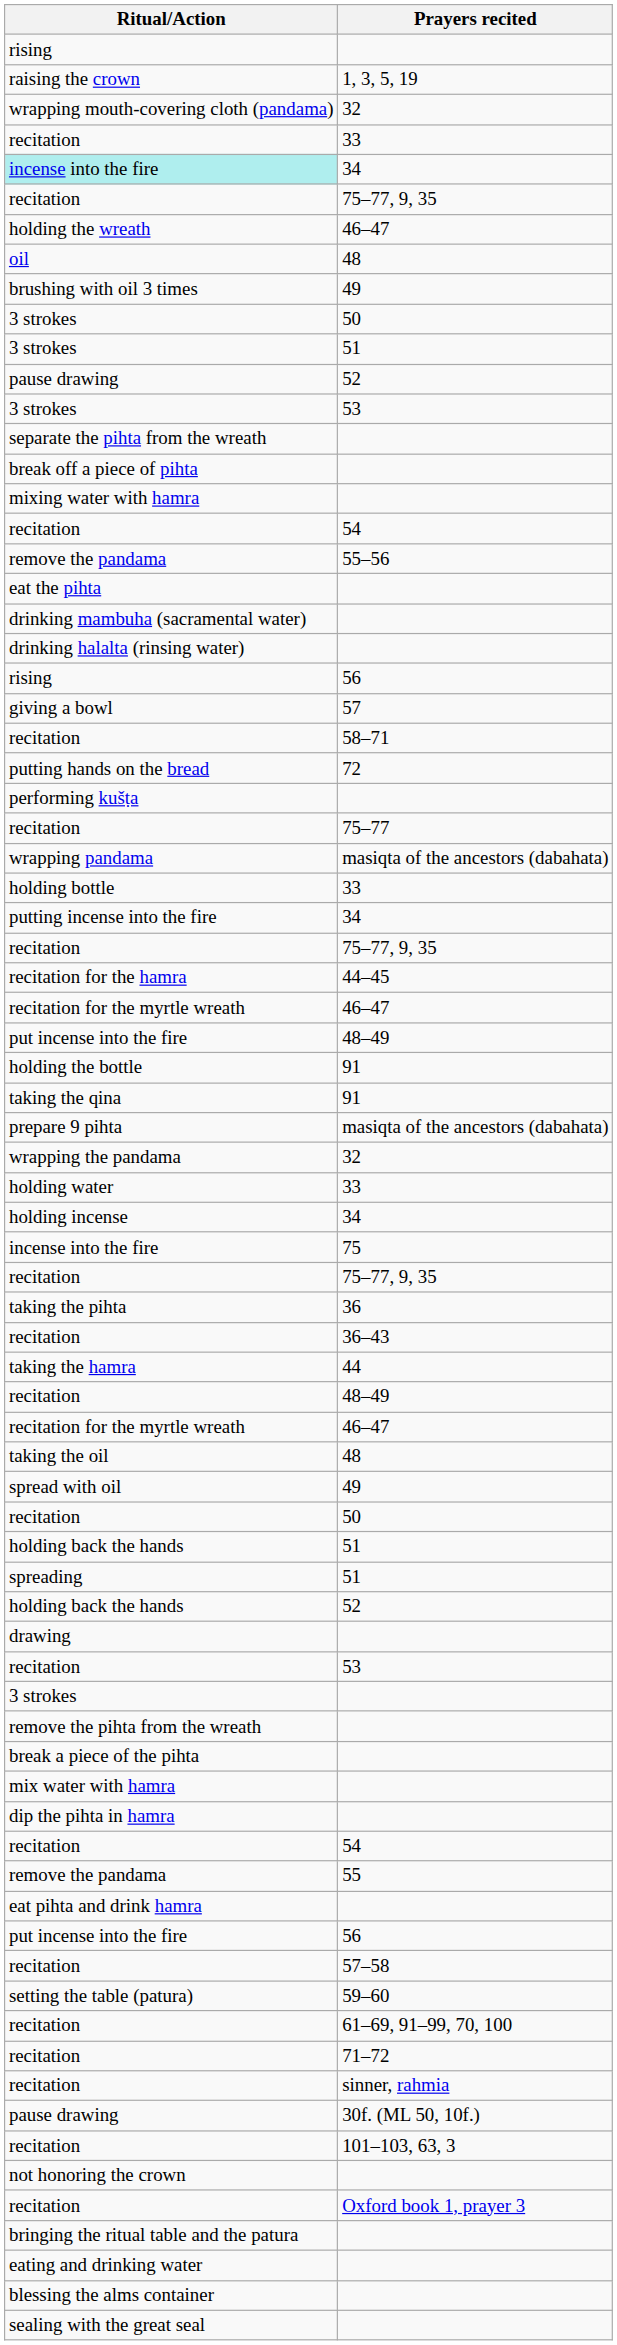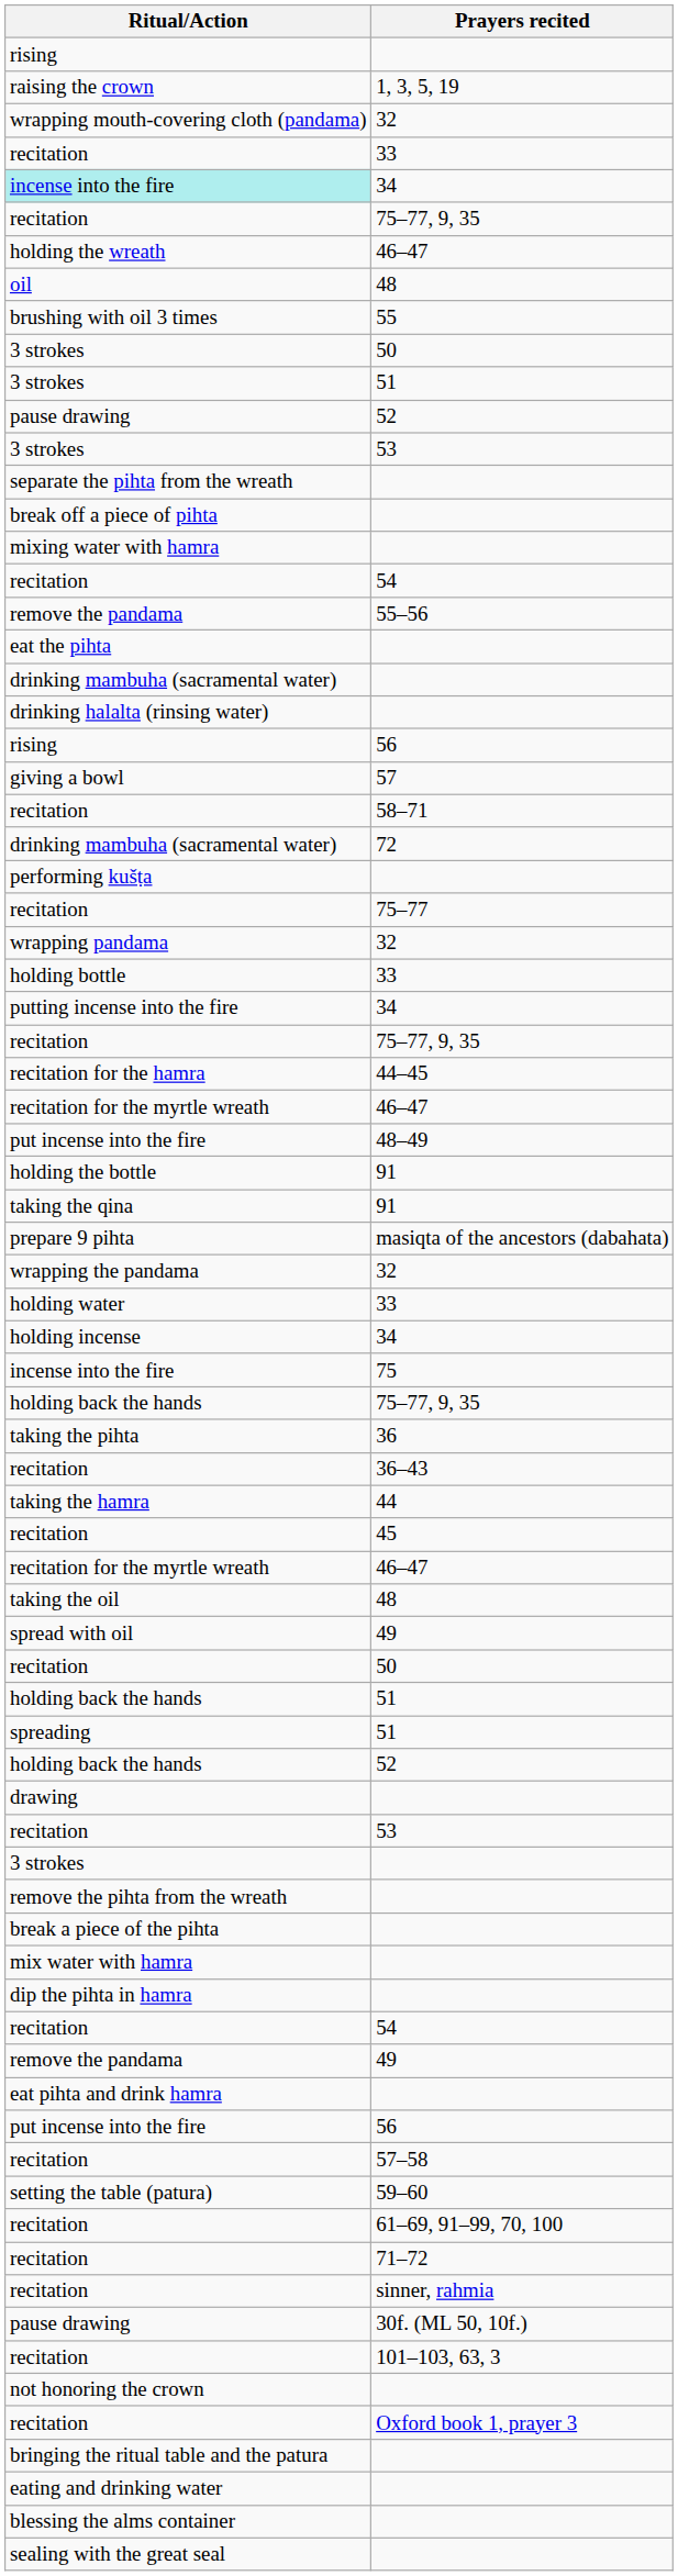 <table class="wikitable sortable">
 <tr>
 <th>Ritual/Action</th>
 <th>Prayers recited</th>
 </tr>
 <tr>
 <td>rising</td>
 <td></td>
 </tr>
 <tr>
 <td>raising the <a href='#'>crown</a></td>
 <td>1, 3, 5, 19</td>
 </tr>
 <tr>
 <td>wrapping mouth-covering cloth (<a href='#'>pandama</a>)</td>
 <td>32</td>
 </tr>
 <tr>
 <td>recitation</td>
 <td>33</td>
 </tr>
 <tr>
 <td style="background: paleturquoise;"><a href='#'>incense</a> into the fire</td>
 <td>34</td>
 </tr>
 <tr>
 <td>recitation</td>
 <td>75–77, 9, 35</td>
 </tr>
 <tr>
 <td>holding the <a href='#'>wreath</a></td>
 <td>46–47</td>
 </tr>
 <tr>
 <td><a href='#'>oil</a></td>
 <td>48</td>
 </tr>
 <tr>
 <td>brushing with oil 3 times</td>
-<td>49</td>
+<td>55</td>
 </tr>
 <tr>
 <td>3 strokes</td>
 <td>50</td>
 </tr>
 <tr>
 <td>3 strokes</td>
 <td>51</td>
 </tr>
 <tr>
 <td>pause drawing</td>
 <td>52</td>
 </tr>
 <tr>
 <td>3 strokes</td>
 <td>53</td>
 </tr>
 <tr>
 <td>separate the <a href='#'>pihta</a> from the wreath</td>
 <td></td>
 </tr>
 <tr>
 <td>break off a piece of <a href='#'>pihta</a></td>
 <td></td>
 </tr>
 <tr>
 <td>mixing water with <a href='#'>hamra</a></td>
 <td></td>
 </tr>
 <tr>
 <td>recitation</td>
 <td>54</td>
 </tr>
 <tr>
 <td>remove the <a href='#'>pandama</a></td>
 <td>55–56</td>
 </tr>
 <tr>
 <td>eat the <a href='#'>pihta</a></td>
 <td></td>
 </tr>
 <tr>
 <td>drinking <a href='#'>mambuha</a> (sacramental water)</td>
 <td></td>
 </tr>
 <tr>
 <td>drinking <a href='#'>halalta</a> (rinsing water)</td>
 <td></td>
 </tr>
 <tr>
 <td>rising</td>
 <td>56</td>
 </tr>
 <tr>
 <td>giving a bowl</td>
 <td>57</td>
 </tr>
 <tr>
 <td>recitation</td>
 <td>58–71</td>
 </tr>
 <tr>
-<td>putting hands on the <a href='#'>bread</a></td>
+<td>drinking <a href='#'>mambuha</a> (sacramental water)</td>
 <td>72</td>
 </tr>
 <tr>
 <td>performing <a href='#'>kušṭa</a></td>
 <td></td>
 </tr>
 <tr>
 <td>recitation</td>
 <td>75–77</td>
 </tr>
 <tr>
 <td>wrapping <a href='#'>pandama</a></td>
-<td>masiqta of the ancestors (dabahata)</td>
+<td>32</td>
 </tr>
 <tr>
 <td>holding bottle</td>
 <td>33</td>
 </tr>
 <tr>
 <td>putting incense into the fire</td>
 <td>34</td>
 </tr>
 <tr>
 <td>recitation</td>
 <td>75–77, 9, 35</td>
 </tr>
 <tr>
 <td>recitation for the <a href='#'>hamra</a></td>
 <td>44–45</td>
 </tr>
 <tr>
 <td>recitation for the myrtle wreath</td>
 <td>46–47</td>
 </tr>
 <tr>
 <td>put incense into the fire</td>
 <td>48–49</td>
 </tr>
 <tr>
 <td>holding the bottle</td>
 <td>91</td>
 </tr>
 <tr>
 <td>taking the qina</td>
 <td>91</td>
 </tr>
 <tr>
 <td>prepare 9 pihta</td>
 <td>masiqta of the ancestors (dabahata)</td>
 </tr>
 <tr>
 <td>wrapping the pandama</td>
 <td>32</td>
 </tr>
 <tr>
 <td>holding water</td>
 <td>33</td>
 </tr>
 <tr>
 <td>holding incense</td>
 <td>34</td>
 </tr>
 <tr>
 <td>incense into the fire</td>
 <td>75</td>
 </tr>
 <tr>
-<td>recitation</td>
+<td>holding back the hands</td>
 <td>75–77, 9, 35</td>
 </tr>
 <tr>
 <td>taking the pihta</td>
 <td>36</td>
 </tr>
 <tr>
 <td>recitation</td>
 <td>36–43</td>
 </tr>
 <tr>
 <td>taking the <a href='#'>hamra</a></td>
 <td>44</td>
 </tr>
 <tr>
 <td>recitation</td>
-<td>48–49</td>
+<td>45</td>
 </tr>
 <tr>
 <td>recitation for the myrtle wreath</td>
 <td>46–47</td>
 </tr>
 <tr>
 <td>taking the oil</td>
 <td>48</td>
 </tr>
 <tr>
 <td>spread with oil</td>
 <td>49</td>
 </tr>
 <tr>
 <td>recitation</td>
 <td>50</td>
 </tr>
 <tr>
 <td>holding back the hands</td>
 <td>51</td>
 </tr>
 <tr>
 <td>spreading</td>
 <td>51</td>
 </tr>
 <tr>
 <td>holding back the hands</td>
 <td>52</td>
 </tr>
 <tr>
 <td>drawing</td>
 <td></td>
 </tr>
 <tr>
 <td>recitation</td>
 <td>53</td>
 </tr>
 <tr>
 <td>3 strokes</td>
 <td></td>
 </tr>
 <tr>
 <td>remove the pihta from the wreath</td>
 <td></td>
 </tr>
 <tr>
 <td>break a piece of the pihta</td>
 <td></td>
 </tr>
 <tr>
 <td>mix water with <a href='#'>hamra</a></td>
 <td></td>
 </tr>
 <tr>
 <td>dip the pihta in <a href='#'>hamra</a></td>
 <td></td>
 </tr>
 <tr>
 <td>recitation</td>
 <td>54</td>
 </tr>
 <tr>
 <td>remove the pandama</td>
-<td>55</td>
+<td>49</td>
 </tr>
 <tr>
 <td>eat pihta and drink <a href='#'>hamra</a></td>
 <td></td>
 </tr>
 <tr>
 <td>put incense into the fire</td>
 <td>56</td>
 </tr>
 <tr>
 <td>recitation</td>
 <td>57–58</td>
 </tr>
 <tr>
 <td>setting the table (patura)</td>
 <td>59–60</td>
 </tr>
 <tr>
 <td>recitation</td>
 <td>61–69, 91–99, 70, 100</td>
 </tr>
 <tr>
 <td>recitation</td>
 <td>71–72</td>
 </tr>
 <tr>
 <td>recitation</td>
 <td>sinner, <a href='#'>rahmia</a></td>
 </tr>
 <tr>
 <td>pause drawing</td>
 <td>30f. (ML 50, 10f.)</td>
 </tr>
 <tr>
 <td>recitation</td>
 <td>101–103, 63, 3</td>
 </tr>
 <tr>
 <td>not honoring the crown</td>
 <td></td>
 </tr>
 <tr>
 <td>recitation</td>
 <td><a href='#'>Oxford book 1, prayer 3</a></td>
 </tr>
 <tr>
 <td>bringing the ritual table and the patura</td>
 <td></td>
 </tr>
 <tr>
 <td>eating and drinking water</td>
 <td></td>
 </tr>
 <tr>
 <td>blessing the alms container</td>
 <td></td>
 </tr>
 <tr>
 <td>sealing with the great seal</td>
 <td></td>
 </tr>
 </table>
